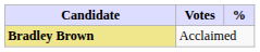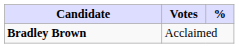 <table class="wikitable">
 <tr>
 <th style="background:#ddf; width:200px;">Candidate</th>
 <th style="background:#ddf; width:50px;">Votes</th>
 <th style="background:#ddf; width:30px;">%</th>
 </tr>
 <tr>
-<td style="background: khaki;"><strong>Bradley Brown</strong></td>
+<td><strong>Bradley Brown</strong></td>
 <td colspan="2">Acclaimed</td>
 </tr>
 </table>
